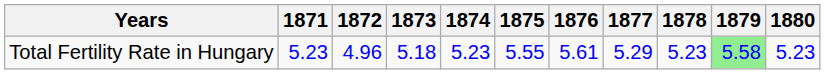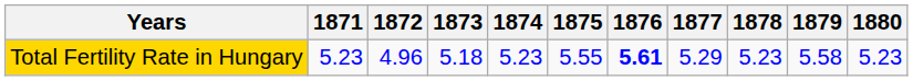 <table class="wikitable " style="text-align:right">
 <tr>
 <th>Years</th>
 <th>1871</th>
 <th>1872</th>
 <th>1873</th>
 <th>1874</th>
 <th>1875</th>
 <th>1876</th>
 <th>1877</th>
 <th>1878</th>
 <th>1879</th>
 <th>1880</th>
 </tr>
 <tr>
-<td align="left">Total Fertility Rate in Hungary</td>
+<td align="left" style="background: gold;">Total Fertility Rate in Hungary</td>
 <td style="text-align:right; color:blue;">5.23</td>
 <td style="text-align:right; color:blue;">4.96</td>
 <td style="text-align:right; color:blue;">5.18</td>
 <td style="text-align:right; color:blue;">5.23</td>
 <td style="text-align:right; color:blue;">5.55</td>
-<td style="text-align:right; color:blue;">5.61</td>
+<td style="text-align:right; color:blue;"><strong>5.61</strong></td>
 <td style="text-align:right; color:blue;">5.29</td>
 <td style="text-align:right; color:blue;">5.23</td>
-<td style="background: lightgreen; text-align:right; color:blue;">5.58</td>
+<td style="text-align:right; color:blue;">5.58</td>
 <td style="text-align:right; color:blue;">5.23</td>
 </tr>
 </table>
